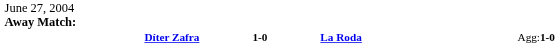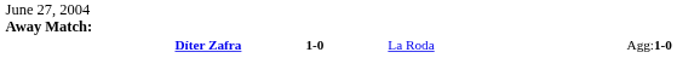 <table width=100% cellspacing=1>
 <tr>
 <th width=20%></th>
 <th width=12%></th>
 <th width=20%></th>
 <th></th>
 </tr>
 <tr>
 <td>June 27, 2004<br><strong>Away Match:</strong></td>
 </tr>
 <tr style=font-size:90%>
 <td align=right><strong><a href='#'>Díter Zafra</a></strong></td>
 <td align=center><strong>1-0</strong></td>
-<td><strong><a href='#'>La Roda</a></strong></td>
+<td><a href='#'>La Roda</a></td>
 <td>Agg:<strong>1-0</strong></td>
 </tr>
 </table>
